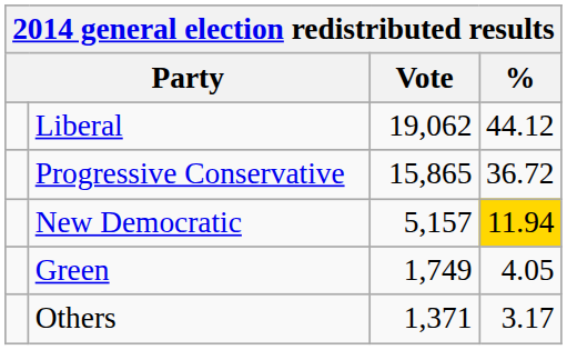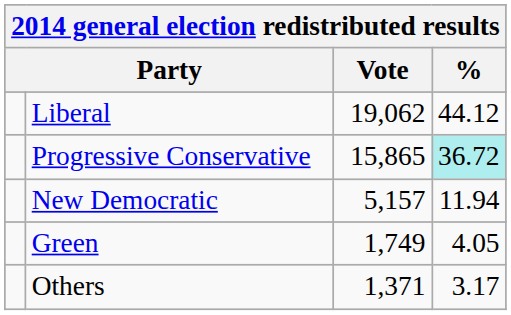 <table class="wikitable">
 <tr>
 <th colspan="4"><a href='#'>2014 general election</a> redistributed results</th>
 </tr>
 <tr>
 <th bgcolor="#DDDDFF" width="130px" colspan="2">Party</th>
 <th bgcolor="#DDDDFF" width="50px">Vote</th>
 <th bgcolor="#DDDDFF" width="30px">%</th>
 </tr>
 <tr>
 <td> </td>
 <td><a href='#'>Liberal</a></td>
 <td align=right>19,062</td>
 <td align=right>44.12</td>
 </tr>
 <tr>
 <td> </td>
 <td><a href='#'>Progressive Conservative</a></td>
 <td align=right>15,865</td>
-<td align=right>36.72</td>
+<td align=right style="background: paleturquoise;">36.72</td>
 </tr>
 <tr>
 <td> </td>
 <td><a href='#'>New Democratic</a></td>
 <td align=right>5,157</td>
-<td align=right style="background: gold;">11.94</td>
+<td align=right>11.94</td>
 </tr>
 <tr>
 <td> </td>
 <td><a href='#'>Green</a></td>
 <td align=right>1,749</td>
 <td align=right>4.05</td>
 </tr>
 <tr>
 <td> </td>
 <td>Others</td>
 <td align=right>1,371</td>
 <td align=right>3.17</td>
 </tr>
 </table>
